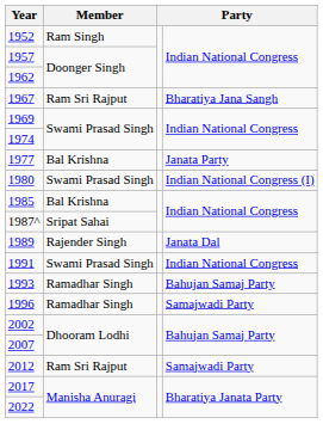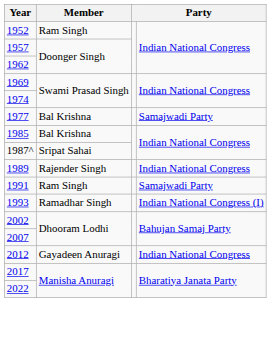 <table class="wikitable">
 <tr>
 <th>Year</th>
 <th>Member</th>
 <th colspan="2">Party</th>
 </tr>
 <tr>
 <td><a href='#'>1952</a></td>
 <td>Ram Singh</td>
 <td rowspan="3" style="background-color: "></td>
 <td rowspan="3"><a href='#'>Indian National Congress</a></td>
 </tr>
 <tr>
 <td><a href='#'>1957</a></td>
 <td rowspan="2">Doonger Singh</td>
 </tr>
 <tr>
 <td><a href='#'>1962</a></td>
 </tr>
 <tr>
-<td><a href='#'>1967</a></td>
-<td>Ram Sri Rajput</td>
-<td style="background-color: "></td>
-<td><a href='#'>Bharatiya Jana Sangh</a></td>
-</tr>
-<tr>
 <td><a href='#'>1969</a></td>
 <td rowspan="2">Swami Prasad Singh</td>
 <td rowspan="2" style="background-color: "></td>
 <td rowspan="2"><a href='#'>Indian National Congress</a></td>
 </tr>
 <tr>
 <td><a href='#'>1974</a></td>
 </tr>
 <tr>
 <td><a href='#'>1977</a></td>
 <td>Bal Krishna</td>
 <td style="background-color: "></td>
-<td><a href='#'>Janata Party</a></td>
-</tr>
-<tr>
-<td><a href='#'>1980</a></td>
-<td>Swami Prasad Singh</td>
-<td style="background-color: "></td>
-<td><a href='#'>Indian National Congress (I)</a></td>
+<td><a href='#'>Samajwadi Party</a></td>
 </tr>
 <tr>
 <td><a href='#'>1985</a></td>
 <td>Bal Krishna</td>
 <td rowspan="2" style="background-color: "></td>
 <td rowspan="2"><a href='#'>Indian National Congress</a></td>
 </tr>
 <tr>
 <td>1987^</td>
 <td>Sripat Sahai</td>
 </tr>
 <tr>
 <td><a href='#'>1989</a></td>
 <td>Rajender Singh</td>
 <td style="background-color: "></td>
-<td><a href='#'>Janata Dal</a></td>
+<td><a href='#'>Indian National Congress</a></td>
 </tr>
 <tr>
 <td><a href='#'>1991</a></td>
-<td>Swami Prasad Singh</td>
+<td>Ram Singh</td>
 <td style="background-color: "></td>
-<td><a href='#'>Indian National Congress</a></td>
+<td><a href='#'>Samajwadi Party</a></td>
 </tr>
 <tr>
 <td><a href='#'>1993</a></td>
 <td>Ramadhar Singh</td>
 <td style="background-color: "></td>
-<td><a href='#'>Bahujan Samaj Party</a></td>
-</tr>
-<tr>
-<td><a href='#'>1996</a></td>
-<td>Ramadhar Singh</td>
-<td style="background-color: "></td>
-<td><a href='#'>Samajwadi Party</a></td>
+<td><a href='#'>Indian National Congress (I)</a></td>
 </tr>
 <tr>
 <td><a href='#'>2002</a></td>
 <td rowspan="2">Dhooram Lodhi</td>
 <td rowspan="2" style="background-color: "></td>
 <td rowspan="2"><a href='#'>Bahujan Samaj Party</a></td>
 </tr>
 <tr>
 <td><a href='#'>2007</a></td>
 </tr>
 <tr>
 <td><a href='#'>2012</a></td>
-<td>Ram Sri Rajput</td>
+<td>Gayadeen Anuragi</td>
 <td style="background-color: "></td>
-<td><a href='#'>Samajwadi Party</a></td>
+<td><a href='#'>Indian National Congress</a></td>
 </tr>
 <tr>
 <td><a href='#'>2017</a></td>
 <td rowspan="2"><a href='#'>Manisha Anuragi</a></td>
 <td rowspan="2" style="background-color: "></td>
 <td rowspan="2"><a href='#'>Bharatiya Janata Party</a></td>
 </tr>
 <tr>
 <td><a href='#'>2022</a></td>
 </tr>
 </table>
